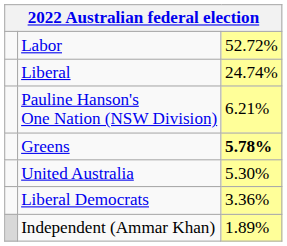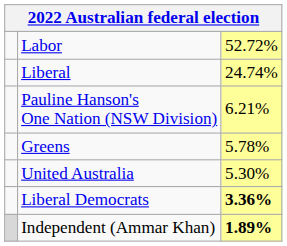 <table class="wikitable" style="float:right; clear:right; margin-left:1em">
 <tr>
 <th colspan = 3><a href='#'>2022 Australian federal election</a></th>
 </tr>
 <tr>
 <td> </td>
 <td><a href='#'>Labor</a></td>
 <td bgcolor="FFFF99">52.72%</td>
 </tr>
 <tr>
 <td> </td>
 <td><a href='#'>Liberal</a></td>
 <td bgcolor="FFFF99">24.74%</td>
 </tr>
 <tr>
 <td> </td>
 <td><a href='#'>Pauline Hanson's<br>One Nation (NSW Division)</a></td>
 <td bgcolor="FFFF99">6.21%</td>
 </tr>
 <tr>
 <td> </td>
 <td><a href='#'>Greens</a></td>
-<td bgcolor="FFFF99"><strong>5.78%</strong></td>
+<td bgcolor="FFFF99">5.78%</td>
 </tr>
 <tr>
 <td> </td>
 <td><a href='#'>United Australia</a></td>
 <td bgcolor="FFFF99">5.30%</td>
 </tr>
 <tr>
 <td> </td>
 <td><a href='#'>Liberal Democrats</a></td>
-<td bgcolor="FFFF99">3.36%</td>
+<td bgcolor="FFFF99"><strong>3.36%</strong></td>
 </tr>
 <tr>
 <td bgcolor="#D8D8D8"> </td>
 <td>Independent (Ammar Khan)</td>
-<td bgcolor="FFFF99">1.89%</td>
+<td bgcolor="FFFF99"><strong>1.89%</strong></td>
 </tr>
 </table>
